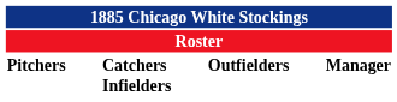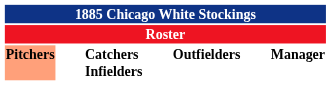 <table class="toccolours" style="font-size: 95%;">
 <tr>
 <th colspan="10" style="background-color: #0e3386; color: white; text-align: center;">1885 Chicago White Stockings</th>
 </tr>
 <tr>
 <td colspan="10" style="background-color: #EE1422; color: white; text-align: center;"><strong>Roster</strong></td>
 </tr>
 <tr>
-<td valign="top"><strong>Pitchers</strong><br>   </td>
+<td valign="top" style="background: lightsalmon;"><strong>Pitchers</strong><br>   </td>
 <td width="25px"></td>
 <td valign="top"><strong>Catchers</strong><br>    <strong>Infielders</strong>     </td>
 <td width="25px"></td>
 <td valign="top"><strong>Outfielders</strong><br>     </td>
 <td width="25px"></td>
 <td valign="top"><strong>Manager</strong><br></td>
 </tr>
 <tr>
 </tr>
 </table>
